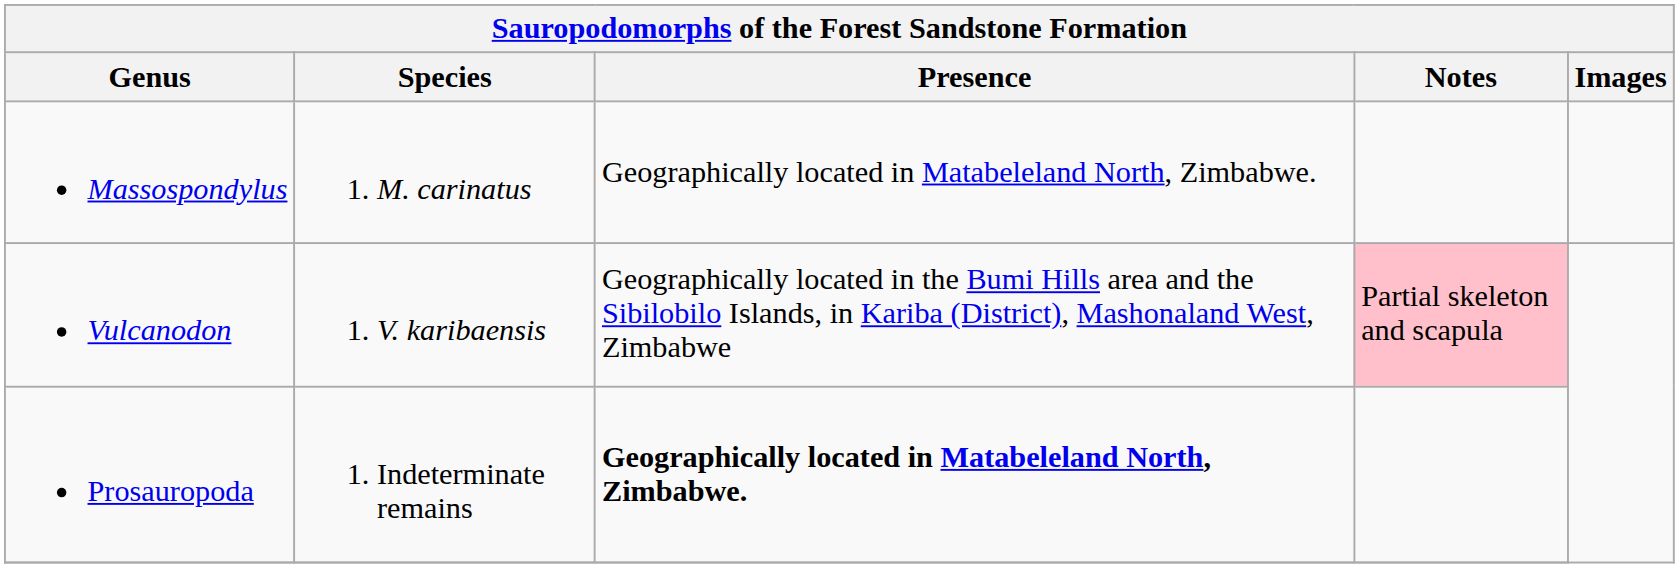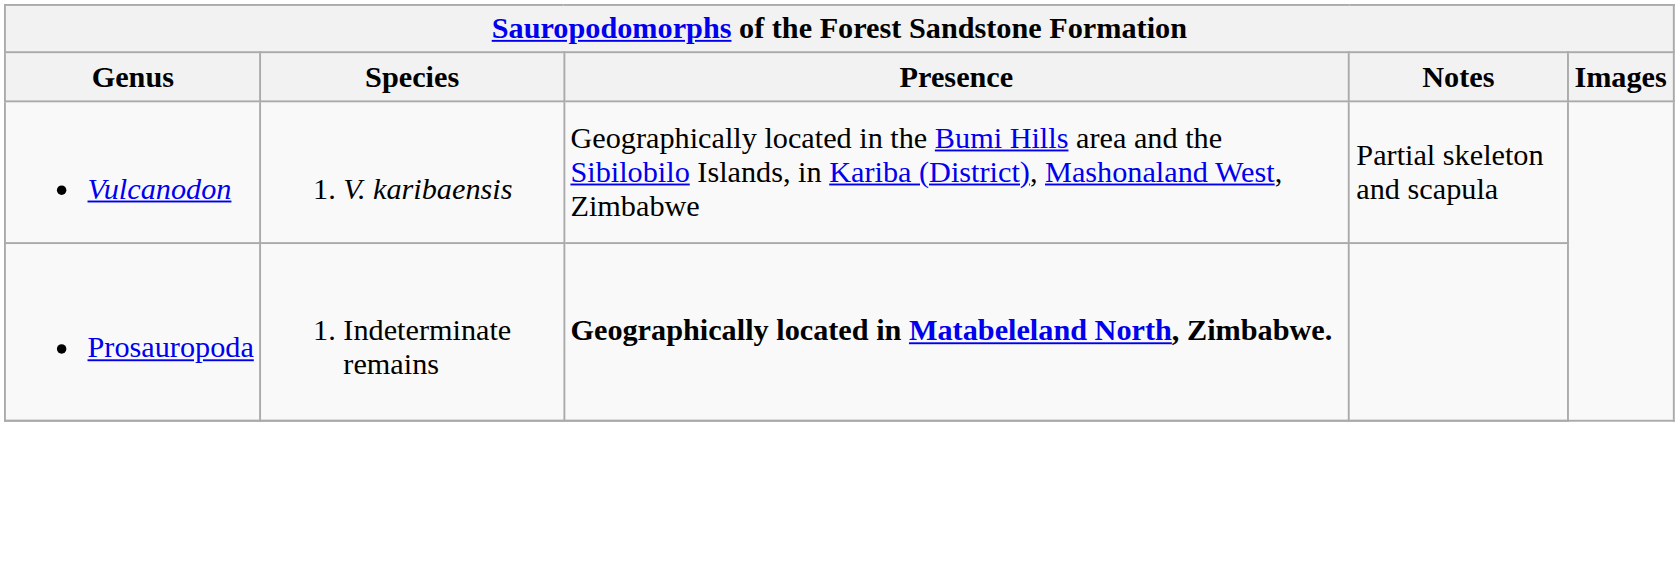 <table class="wikitable" align="center" width="100%">
 <tr>
 <th colspan="5" align="center"><strong><a href='#'>Sauropodomorphs</a> of the Forest Sandstone Formation</strong></th>
 </tr>
 <tr>
 <th>Genus</th>
 <th>Species</th>
 <th>Presence</th>
 <th>Notes</th>
 <th>Images</th>
 </tr>
 <tr>
-<td><br><ul><li><em><a href='#'>Massospondylus</a></em></li></ul></td>
-<td><br><ol><li><em>M. carinatus</em></li></ol></td>
-<td>Geographically located in <a href='#'>Matabeleland North</a>, Zimbabwe.</td>
-<td></td>
-<td></td>
-</tr>
-<tr>
 <td><br><ul><li><em><a href='#'>Vulcanodon</a></em></li></ul></td>
 <td><br><ol><li><em>V. karibaensis</em></li></ol></td>
 <td>Geographically located in the <a href='#'>Bumi Hills</a> area and the <a href='#'>Sibilobilo</a> Islands, in <a href='#'>Kariba (District)</a>, <a href='#'>Mashonaland West</a>, Zimbabwe</td>
-<td style="background: pink;">Partial skeleton  and scapula</td>
+<td>Partial skeleton  and scapula</td>
 </tr>
 <tr>
 <td><br><ul><li><a href='#'>Prosauropoda</a></li></ul></td>
 <td><br><ol><li>Indeterminate remains</li></ol></td>
 <td><strong>Geographically located in <a href='#'>Matabeleland North</a>, Zimbabwe.</strong></td>
 <td></td>
 </tr>
 <tr>
 </tr>
 </table>
